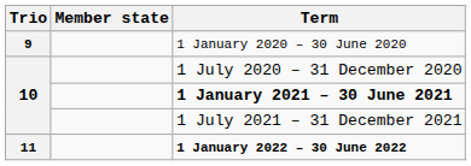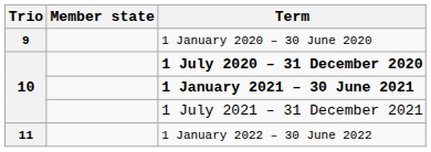 <table class="wikitable">
 <tr>
 <th>Trio</th>
 <th>Member state</th>
 <th>Term</th>
 </tr>
 <tr>
 <th><small>9</small></th>
 <td><small></small></td>
 <td><small>1 January 2020 – 30 June 2020</small></td>
 </tr>
 <tr>
 <th rowspan="3">10</th>
 <td></td>
-<td>1 July 2020 – 31 December 2020</td>
+<td><strong>1 July 2020 – 31 December 2020</strong></td>
 </tr>
 <tr>
 <td><strong></strong></td>
 <td><strong>1 January 2021 – 30 June 2021</strong></td>
 </tr>
 <tr>
 <td></td>
 <td>1 July 2021 – 31 December 2021</td>
 </tr>
 <tr>
 <th><small>11</small></th>
 <td><small></small></td>
-<td><strong><small>1 January 2022 – 30 June 2022</small></strong></td>
+<td><small>1 January 2022 – 30 June 2022</small></td>
 </tr>
 </table>
